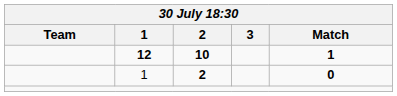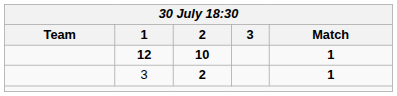 <table class=wikitable style="text-align:center; width: 55%">
 <tr>
 <th colspan=10><em>30 July 18:30</em></th>
 </tr>
 <tr>
 <th>Team</th>
 <th>1</th>
 <th>2</th>
 <th>3</th>
 <th>Match</th>
 </tr>
 <tr>
 <td align=left><strong><br></strong></td>
 <td><strong>12</strong></td>
 <td><strong>10</strong></td>
 <td></td>
 <td><strong>1</strong></td>
 </tr>
 <tr>
 <td align=left><br></td>
-<td>1</td>
+<td>3</td>
 <td><strong>2</strong></td>
 <td></td>
-<td><strong>0</strong></td>
+<td><strong>1</strong></td>
 </tr>
 <tr>
 <td colspan=10></td>
 </tr>
 </table>
